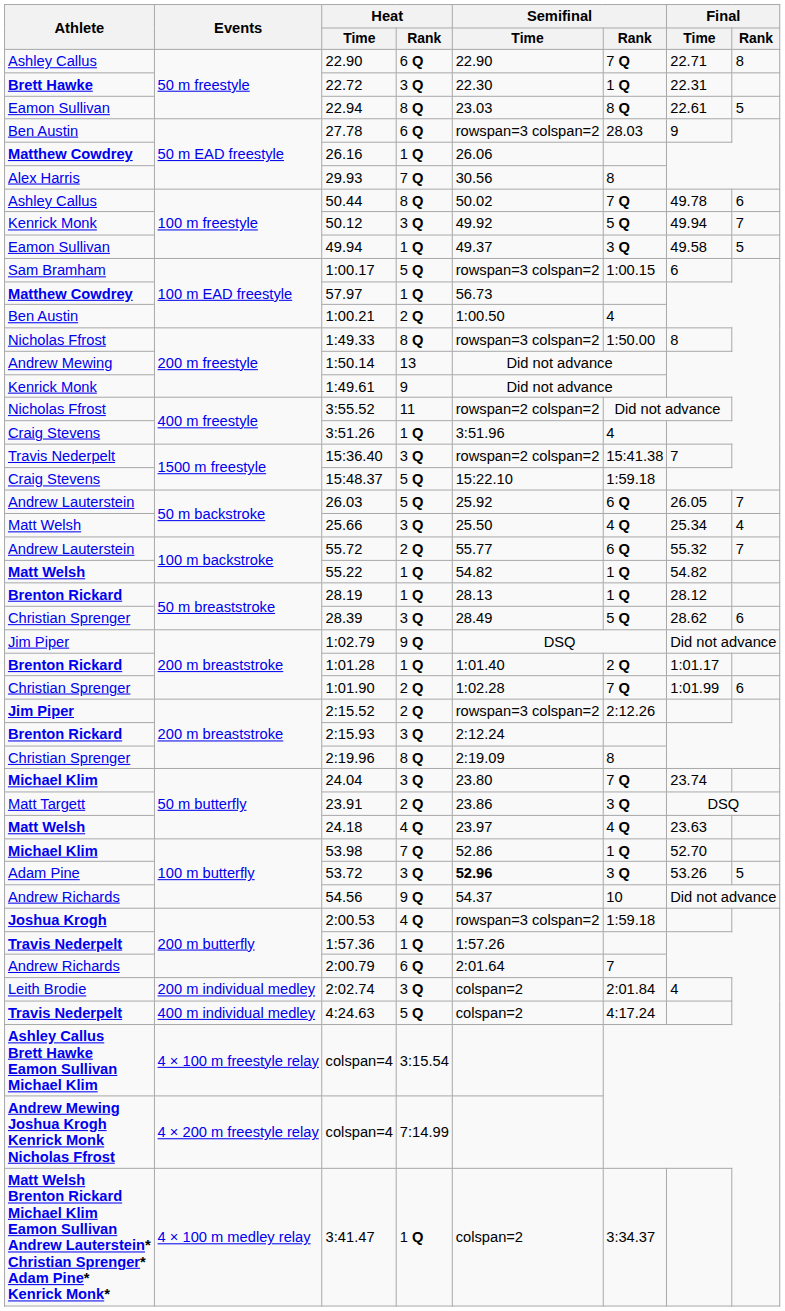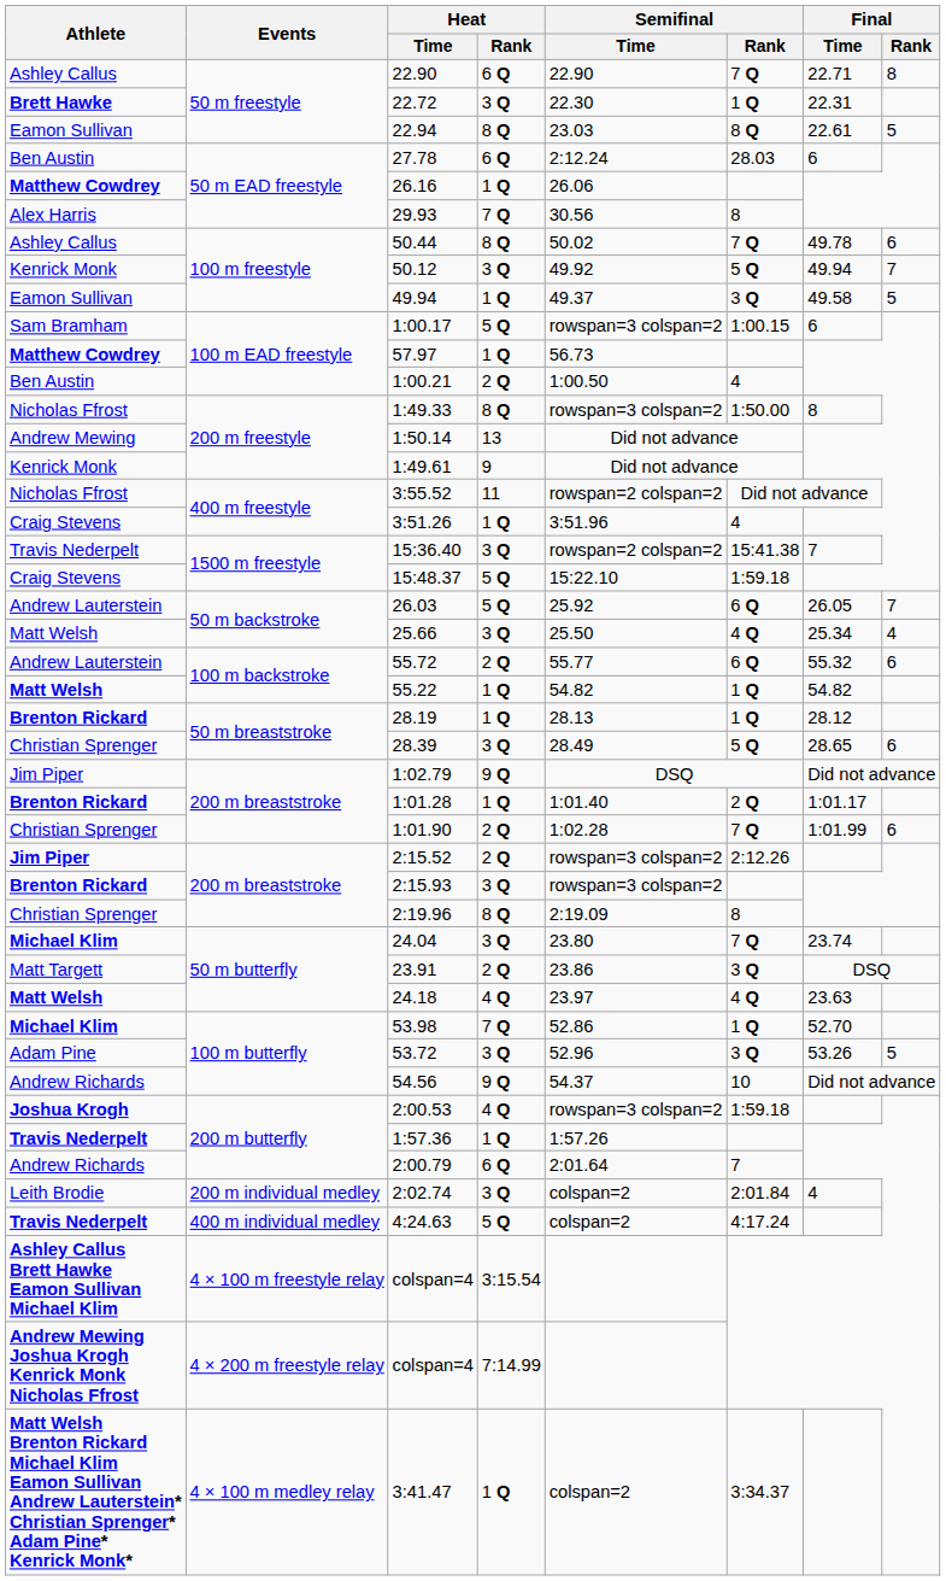 <table class=wikitable style="font-size:90%">
 <tr>
 <th rowspan="2">Athlete</th>
 <th rowspan="2">Events</th>
 <th colspan="2">Heat</th>
 <th colspan="2">Semifinal</th>
 <th colspan="2">Final</th>
 </tr>
 <tr style="font-size:95%">
 <th>Time</th>
 <th>Rank</th>
 <th>Time</th>
 <th>Rank</th>
 <th>Time</th>
 <th>Rank</th>
 </tr>
 <tr>
 <td><a href='#'>Ashley Callus</a></td>
 <td rowspan=3><a href='#'>50 m freestyle</a></td>
 <td>22.90</td>
 <td>6 <strong>Q</strong></td>
 <td>22.90</td>
 <td>7 <strong>Q</strong></td>
 <td>22.71</td>
 <td>8</td>
 </tr>
 <tr>
 <td><strong><a href='#'>Brett Hawke</a></strong></td>
 <td>22.72</td>
 <td>3 <strong>Q</strong></td>
 <td>22.30</td>
 <td>1 <strong>Q</strong></td>
 <td>22.31</td>
 <td></td>
 </tr>
 <tr>
 <td><a href='#'>Eamon Sullivan</a></td>
 <td>22.94</td>
 <td>8 <strong>Q</strong></td>
 <td>23.03</td>
 <td>8 <strong>Q</strong></td>
 <td>22.61</td>
 <td>5</td>
 </tr>
 <tr>
 <td><a href='#'>Ben Austin</a></td>
 <td rowspan=3><a href='#'>50 m EAD freestyle</a></td>
 <td>27.78</td>
 <td>6 <strong>Q</strong></td>
-<td>rowspan=3 colspan=2 </td>
+<td>2:12.24</td>
 <td>28.03</td>
-<td>9</td>
+<td>6</td>
 </tr>
 <tr>
 <td><strong><a href='#'>Matthew Cowdrey</a></strong></td>
 <td>26.16</td>
 <td>1 <strong>Q</strong></td>
 <td>26.06</td>
 <td></td>
 </tr>
 <tr>
 <td><a href='#'>Alex Harris</a></td>
 <td>29.93</td>
 <td>7 <strong>Q</strong></td>
 <td>30.56</td>
 <td>8</td>
 </tr>
 <tr>
 <td><a href='#'>Ashley Callus</a></td>
 <td rowspan=3><a href='#'>100 m freestyle</a></td>
 <td>50.44</td>
 <td>8 <strong>Q</strong></td>
 <td>50.02</td>
 <td>7 <strong>Q</strong></td>
 <td>49.78</td>
 <td>6</td>
 </tr>
 <tr>
 <td><a href='#'>Kenrick Monk</a></td>
 <td>50.12</td>
 <td>3 <strong>Q</strong></td>
 <td>49.92</td>
 <td>5 <strong>Q</strong></td>
 <td>49.94</td>
 <td>7</td>
 </tr>
 <tr>
 <td><a href='#'>Eamon Sullivan</a></td>
 <td>49.94</td>
 <td>1 <strong>Q</strong></td>
 <td>49.37</td>
 <td>3 <strong>Q</strong></td>
 <td>49.58</td>
 <td>5</td>
 </tr>
 <tr>
 <td><a href='#'>Sam Bramham</a></td>
 <td rowspan=3><a href='#'>100 m EAD freestyle</a></td>
 <td>1:00.17</td>
 <td>5 <strong>Q</strong></td>
 <td>rowspan=3 colspan=2 </td>
 <td>1:00.15</td>
 <td>6</td>
 </tr>
 <tr>
 <td><strong><a href='#'>Matthew Cowdrey</a></strong></td>
 <td>57.97</td>
 <td>1 <strong>Q</strong></td>
 <td>56.73</td>
 <td></td>
 </tr>
 <tr>
 <td><a href='#'>Ben Austin</a></td>
 <td>1:00.21</td>
 <td>2 <strong>Q</strong></td>
 <td>1:00.50</td>
 <td>4</td>
 </tr>
 <tr>
 <td><a href='#'>Nicholas Ffrost</a></td>
 <td rowspan=3><a href='#'>200 m freestyle</a></td>
 <td>1:49.33</td>
 <td>8 <strong>Q</strong></td>
 <td>rowspan=3 colspan=2 </td>
 <td>1:50.00</td>
 <td>8</td>
 </tr>
 <tr>
 <td><a href='#'>Andrew Mewing</a></td>
 <td>1:50.14</td>
 <td>13</td>
 <td colspan=2 align=center>Did not advance</td>
 </tr>
 <tr>
 <td><a href='#'>Kenrick Monk</a></td>
 <td>1:49.61</td>
 <td>9</td>
 <td colspan=2 align=center>Did not advance</td>
 </tr>
 <tr>
 <td><a href='#'>Nicholas Ffrost</a></td>
 <td rowspan=2><a href='#'>400 m freestyle</a></td>
 <td>3:55.52</td>
 <td>11</td>
 <td>rowspan=2 colspan=2 </td>
 <td colspan=2 align=center>Did not advance</td>
 </tr>
 <tr>
 <td><a href='#'>Craig Stevens</a></td>
 <td>3:51.26</td>
 <td>1 <strong>Q</strong></td>
 <td>3:51.96</td>
 <td>4</td>
 </tr>
 <tr>
 <td><a href='#'>Travis Nederpelt</a></td>
 <td rowspan=2><a href='#'>1500 m freestyle</a></td>
 <td>15:36.40</td>
 <td>3 <strong>Q</strong></td>
 <td>rowspan=2 colspan=2 </td>
 <td>15:41.38</td>
 <td>7</td>
 </tr>
 <tr>
 <td><a href='#'>Craig Stevens</a></td>
 <td>15:48.37</td>
 <td>5 <strong>Q</strong></td>
 <td>15:22.10</td>
 <td>1:59.18</td>
 </tr>
 <tr>
 <td><a href='#'>Andrew Lauterstein</a></td>
 <td rowspan=2><a href='#'>50 m backstroke</a></td>
 <td>26.03</td>
 <td>5 <strong>Q</strong></td>
 <td>25.92</td>
 <td>6 <strong>Q</strong></td>
 <td>26.05</td>
 <td>7</td>
 </tr>
 <tr>
 <td><a href='#'>Matt Welsh</a></td>
 <td>25.66</td>
 <td>3 <strong>Q</strong></td>
 <td>25.50</td>
 <td>4 <strong>Q</strong></td>
 <td>25.34</td>
 <td>4</td>
 </tr>
 <tr>
 <td><a href='#'>Andrew Lauterstein</a></td>
 <td rowspan=2><a href='#'>100 m backstroke</a></td>
 <td>55.72</td>
 <td>2 <strong>Q</strong></td>
 <td>55.77</td>
 <td>6 <strong>Q</strong></td>
 <td>55.32</td>
-<td>7</td>
+<td>6</td>
 </tr>
 <tr>
 <td><strong><a href='#'>Matt Welsh</a></strong></td>
 <td>55.22</td>
 <td>1 <strong>Q</strong></td>
 <td>54.82</td>
 <td>1 <strong>Q</strong></td>
 <td>54.82</td>
 <td></td>
 </tr>
 <tr>
 <td><strong><a href='#'>Brenton Rickard</a></strong></td>
 <td rowspan=2><a href='#'>50 m breaststroke</a></td>
 <td>28.19</td>
 <td>1 <strong>Q</strong></td>
 <td>28.13</td>
 <td>1 <strong>Q</strong></td>
 <td>28.12</td>
 <td></td>
 </tr>
 <tr>
 <td><a href='#'>Christian Sprenger</a></td>
 <td>28.39</td>
 <td>3 <strong>Q</strong></td>
 <td>28.49</td>
 <td>5 <strong>Q</strong></td>
-<td>28.62</td>
+<td>28.65</td>
 <td>6</td>
 </tr>
 <tr>
 <td><a href='#'>Jim Piper</a></td>
 <td rowspan=3><a href='#'>200 m breaststroke</a></td>
 <td>1:02.79</td>
 <td>9 <strong>Q</strong></td>
 <td colspan=2 align=center>DSQ</td>
 <td colspan=2>Did not advance</td>
 </tr>
 <tr>
 <td><strong><a href='#'>Brenton Rickard</a></strong></td>
 <td>1:01.28</td>
 <td>1 <strong>Q</strong></td>
 <td>1:01.40</td>
 <td>2 <strong>Q</strong></td>
 <td>1:01.17</td>
 <td></td>
 </tr>
 <tr>
 <td><a href='#'>Christian Sprenger</a></td>
 <td>1:01.90</td>
 <td>2 <strong>Q</strong></td>
 <td>1:02.28</td>
 <td>7 <strong>Q</strong></td>
 <td>1:01.99</td>
 <td>6</td>
 </tr>
 <tr>
 <td><strong><a href='#'>Jim Piper</a></strong></td>
 <td rowspan=3><a href='#'>200 m breaststroke</a></td>
 <td>2:15.52</td>
 <td>2 <strong>Q</strong></td>
 <td>rowspan=3 colspan=2 </td>
 <td>2:12.26</td>
 <td></td>
 </tr>
 <tr>
 <td><strong><a href='#'>Brenton Rickard</a></strong></td>
 <td>2:15.93</td>
 <td>3 <strong>Q</strong></td>
-<td>2:12.24</td>
+<td>rowspan=3 colspan=2 </td>
 <td></td>
 </tr>
 <tr>
 <td><a href='#'>Christian Sprenger</a></td>
 <td>2:19.96</td>
 <td>8 <strong>Q</strong></td>
 <td>2:19.09</td>
 <td>8</td>
 </tr>
 <tr>
 <td><strong><a href='#'>Michael Klim</a></strong></td>
 <td rowspan=3><a href='#'>50 m butterfly</a></td>
 <td>24.04</td>
 <td>3 <strong>Q</strong></td>
 <td>23.80</td>
 <td>7 <strong>Q</strong></td>
 <td>23.74</td>
 <td></td>
 </tr>
 <tr>
 <td><a href='#'>Matt Targett</a></td>
 <td>23.91</td>
 <td>2 <strong>Q</strong></td>
 <td>23.86</td>
 <td>3 <strong>Q</strong></td>
 <td colspan=2 align=center>DSQ</td>
 </tr>
 <tr>
 <td><strong><a href='#'>Matt Welsh</a></strong></td>
 <td>24.18</td>
 <td>4 <strong>Q</strong></td>
 <td>23.97</td>
 <td>4 <strong>Q</strong></td>
 <td>23.63</td>
 <td></td>
 </tr>
 <tr>
 <td><strong><a href='#'>Michael Klim</a></strong></td>
 <td rowspan=3><a href='#'>100 m butterfly</a></td>
 <td>53.98</td>
 <td>7 <strong>Q</strong></td>
 <td>52.86</td>
 <td>1 <strong>Q</strong></td>
 <td>52.70</td>
 <td></td>
 </tr>
 <tr>
 <td><a href='#'>Adam Pine</a></td>
 <td>53.72</td>
 <td>3 <strong>Q</strong></td>
-<td><strong>52.96</strong></td>
+<td>52.96</td>
 <td>3 <strong>Q</strong></td>
 <td>53.26</td>
 <td>5</td>
 </tr>
 <tr>
 <td><a href='#'>Andrew Richards</a></td>
 <td>54.56</td>
 <td>9 <strong>Q</strong></td>
 <td>54.37</td>
 <td>10</td>
 <td colspan=2>Did not advance</td>
 </tr>
 <tr>
 <td><strong><a href='#'>Joshua Krogh</a></strong></td>
 <td rowspan=3><a href='#'>200 m butterfly</a></td>
 <td>2:00.53</td>
 <td>4 <strong>Q</strong></td>
 <td>rowspan=3 colspan=2 </td>
 <td>1:59.18</td>
 <td></td>
 </tr>
 <tr>
 <td><strong><a href='#'>Travis Nederpelt</a></strong></td>
 <td>1:57.36</td>
 <td>1 <strong>Q</strong></td>
 <td>1:57.26</td>
 <td></td>
 </tr>
 <tr>
 <td><a href='#'>Andrew Richards</a></td>
 <td>2:00.79</td>
 <td>6 <strong>Q</strong></td>
 <td>2:01.64</td>
 <td>7</td>
 </tr>
 <tr>
 <td><a href='#'>Leith Brodie</a></td>
 <td><a href='#'>200 m individual medley</a></td>
 <td>2:02.74</td>
 <td>3 <strong>Q</strong></td>
 <td>colspan=2 </td>
 <td>2:01.84</td>
 <td>4</td>
 </tr>
 <tr>
 <td><strong><a href='#'>Travis Nederpelt</a></strong></td>
 <td><a href='#'>400 m individual medley</a></td>
 <td>4:24.63</td>
 <td>5 <strong>Q</strong></td>
 <td>colspan=2 </td>
 <td>4:17.24</td>
 <td></td>
 </tr>
 <tr>
 <td><strong><a href='#'>Ashley Callus</a><br><a href='#'>Brett Hawke</a><br><a href='#'>Eamon Sullivan</a><br><a href='#'>Michael Klim</a></strong></td>
 <td><a href='#'>4 × 100 m freestyle relay</a></td>
 <td>colspan=4 </td>
 <td>3:15.54</td>
 <td></td>
 </tr>
 <tr>
 <td><strong><a href='#'>Andrew Mewing</a><br><a href='#'>Joshua Krogh</a><br><a href='#'>Kenrick Monk</a><br><a href='#'>Nicholas Ffrost</a></strong></td>
 <td><a href='#'>4 × 200 m freestyle relay</a></td>
 <td>colspan=4 </td>
 <td>7:14.99</td>
 <td></td>
 </tr>
 <tr>
 <td><strong><a href='#'>Matt Welsh</a><br><a href='#'>Brenton Rickard</a><br><a href='#'>Michael Klim</a><br><a href='#'>Eamon Sullivan</a><br><a href='#'>Andrew Lauterstein</a>*<br><a href='#'>Christian Sprenger</a>*<br><a href='#'>Adam Pine</a>*<br><a href='#'>Kenrick Monk</a>*</strong></td>
 <td><a href='#'>4 × 100 m medley relay</a></td>
 <td>3:41.47</td>
 <td>1 <strong>Q</strong></td>
 <td>colspan=2 </td>
 <td>3:34.37</td>
 <td></td>
 </tr>
 </table>
